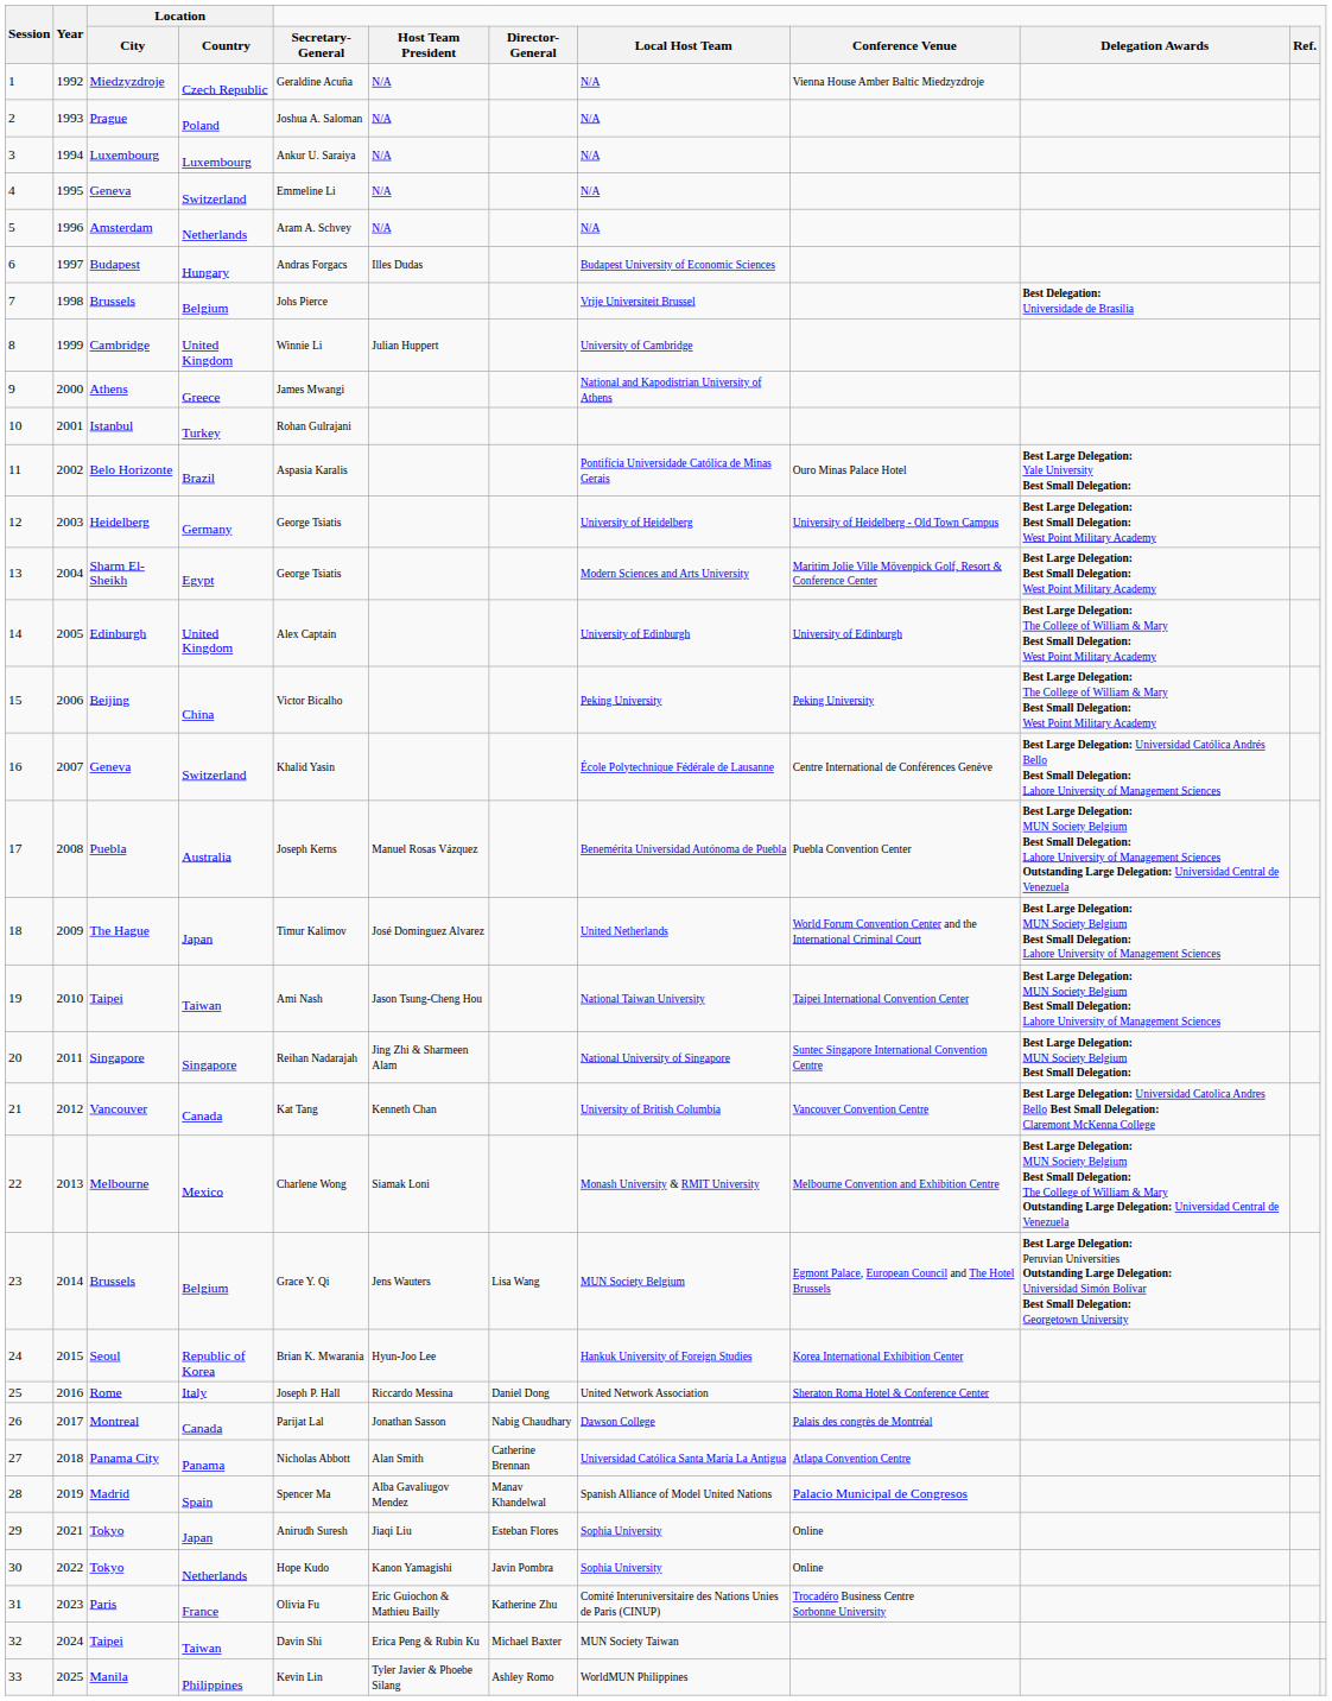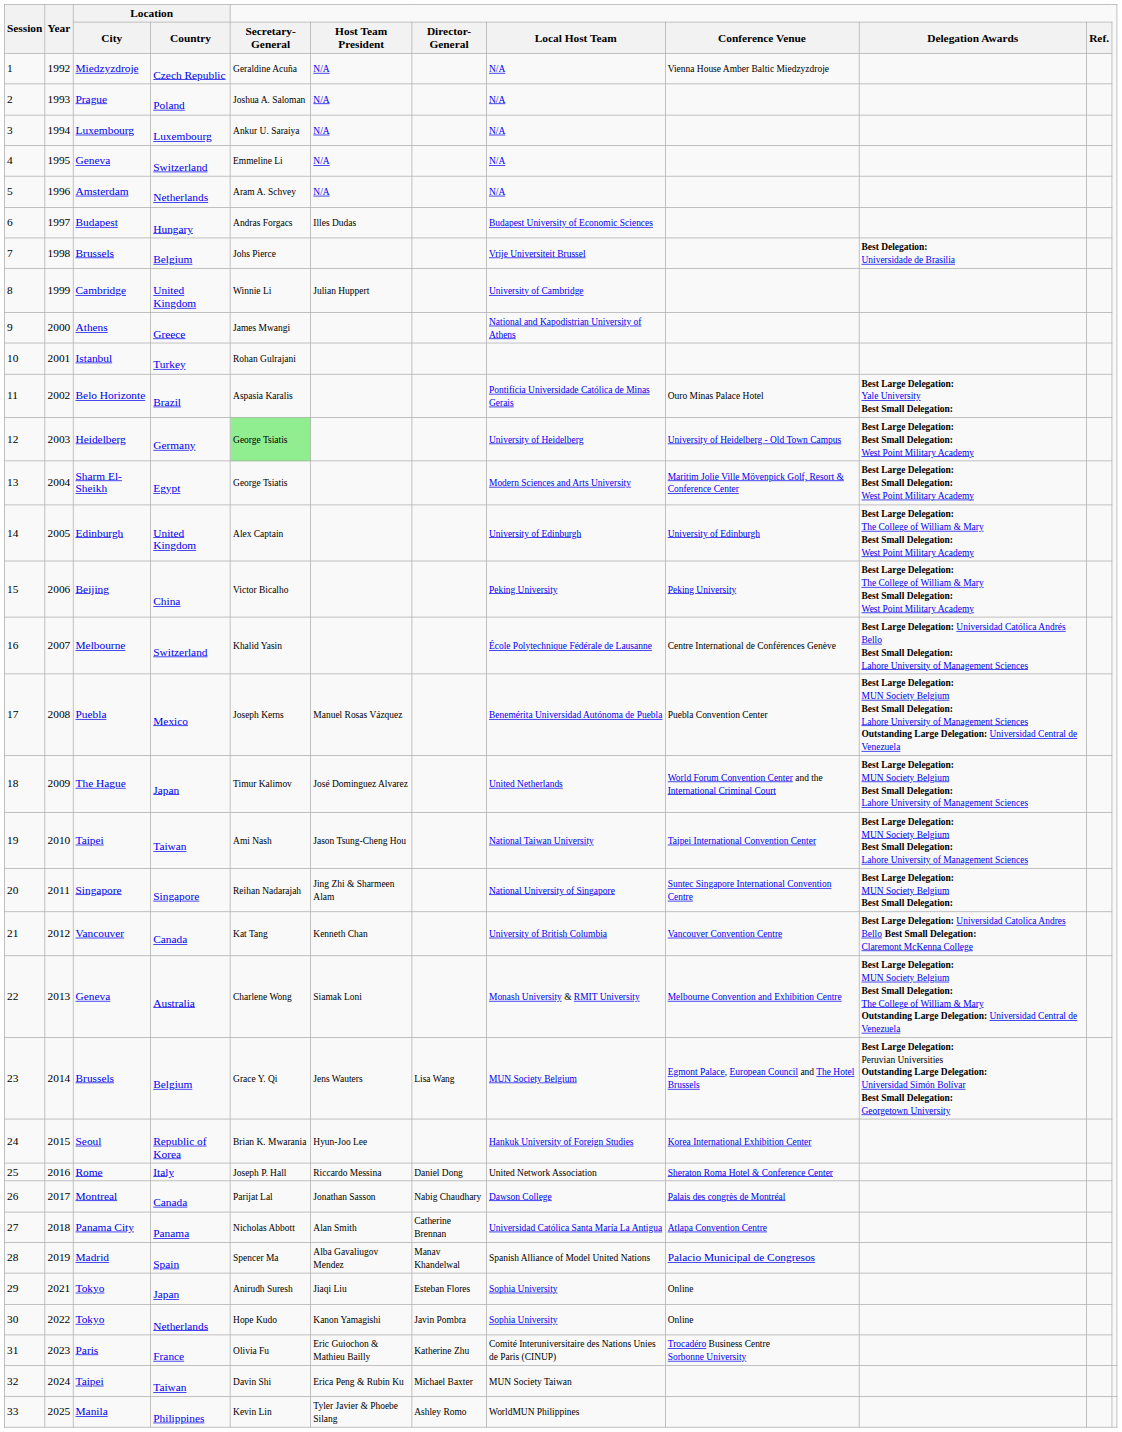 <table class="wikitable">
 <tr>
 <th rowspan="2">Session</th>
 <th rowspan="2">Year</th>
 <th colspan="2">Location</th>
 </tr>
 <tr>
 <th>City</th>
 <th>Country</th>
 <th>Secretary-General</th>
 <th>Host Team President</th>
 <th>Director-General</th>
 <th>Local Host Team</th>
 <th>Conference Venue</th>
 <th>Delegation Awards</th>
 <th>Ref.</th>
 </tr>
 <tr>
 <td>1</td>
 <td>1992</td>
 <td><a href='#'>Miedzyzdroje</a></td>
 <td><br><a href='#'>Czech Republic</a></td>
 <td><small>Geraldine Acuña</small></td>
 <td><small><a href='#'>N/A</a></small></td>
 <td></td>
 <td><small><a href='#'>N/A</a></small></td>
 <td><small>Vienna House Amber Baltic Miedzyzdroje</small></td>
 <td></td>
 <td></td>
 </tr>
 <tr>
 <td>2</td>
 <td>1993</td>
 <td><a href='#'>Prague</a></td>
 <td><br><a href='#'>Poland</a></td>
 <td><small>Joshua A. Saloman</small></td>
 <td><small><a href='#'>N/A</a></small></td>
 <td></td>
 <td><small><a href='#'>N/A</a></small></td>
 <td></td>
 <td></td>
 <td></td>
 </tr>
 <tr>
 <td>3</td>
 <td>1994</td>
 <td><a href='#'>Luxembourg</a></td>
 <td><br><a href='#'>Luxembourg</a></td>
 <td><small>Ankur U. Saraiya</small></td>
 <td><small><a href='#'>N/A</a></small></td>
 <td></td>
 <td><small><a href='#'>N/A</a></small></td>
 <td></td>
 <td></td>
 <td></td>
 </tr>
 <tr>
 <td>4</td>
 <td>1995</td>
 <td><a href='#'>Geneva</a></td>
 <td><br><a href='#'>Switzerland</a></td>
 <td><small>Emmeline Li</small></td>
 <td><small><a href='#'>N/A</a></small></td>
 <td></td>
 <td><small><a href='#'>N/A</a></small></td>
 <td></td>
 <td></td>
 <td></td>
 </tr>
 <tr>
 <td>5</td>
 <td>1996</td>
 <td><a href='#'>Amsterdam</a></td>
 <td><br><a href='#'>Netherlands</a></td>
 <td><small>Aram A. Schvey</small></td>
 <td><small><a href='#'>N/A</a></small></td>
 <td></td>
 <td><small><a href='#'>N/A</a></small></td>
 <td></td>
 <td></td>
 <td></td>
 </tr>
 <tr>
 <td>6</td>
 <td>1997</td>
 <td><a href='#'>Budapest</a></td>
 <td><br><a href='#'>Hungary</a></td>
 <td><small>Andras Forgacs</small></td>
 <td><small>Illes Dudas</small></td>
 <td></td>
 <td><small><a href='#'>Budapest University of Economic Sciences</a></small></td>
 <td></td>
 <td></td>
 <td></td>
 </tr>
 <tr>
 <td>7</td>
 <td>1998</td>
 <td><a href='#'>Brussels</a></td>
 <td><br><a href='#'>Belgium</a></td>
 <td><small>Johs Pierce</small></td>
 <td></td>
 <td></td>
 <td><small><a href='#'>Vrije Universiteit Brussel</a></small></td>
 <td></td>
 <td><small><strong>Best Delegation:</strong> <br><a href='#'>Universidade de Brasilia</a> </small></td>
 <td></td>
 </tr>
 <tr>
 <td>8</td>
 <td>1999</td>
 <td><a href='#'>Cambridge</a></td>
 <td><br><a href='#'>United Kingdom</a></td>
 <td><small>Winnie Li</small></td>
 <td><small>Julian Huppert</small></td>
 <td></td>
 <td><small><a href='#'>University of Cambridge</a></small></td>
 <td></td>
 <td></td>
 <td></td>
 </tr>
 <tr>
 <td>9</td>
 <td>2000</td>
 <td><a href='#'>Athens</a></td>
 <td><br><a href='#'>Greece</a></td>
 <td><small>James Mwangi</small></td>
 <td></td>
 <td></td>
 <td><small><a href='#'>National and Kapodistrian University of Athens</a></small></td>
 <td></td>
 <td></td>
 <td></td>
 </tr>
 <tr>
 <td>10</td>
 <td>2001</td>
 <td><a href='#'>Istanbul</a></td>
 <td><br><a href='#'>Turkey</a></td>
 <td><small>Rohan Gulrajani</small></td>
 <td></td>
 <td></td>
 <td></td>
 <td></td>
 <td></td>
 <td></td>
 </tr>
 <tr>
 <td>11</td>
 <td>2002</td>
 <td><a href='#'>Belo Horizonte</a></td>
 <td><br><a href='#'>Brazil</a></td>
 <td><small>Aspasia Karalis</small></td>
 <td></td>
 <td></td>
 <td><small><a href='#'>Pontifícia Universidade Católica de Minas Gerais</a></small></td>
 <td><small>Ouro Minas Palace Hotel</small></td>
 <td><small><strong>Best Large Delegation:</strong> <br><a href='#'>Yale University</a> <br><strong>Best Small Delegation:</strong></small></td>
 <td></td>
 </tr>
 <tr>
 <td>12</td>
 <td>2003</td>
 <td><a href='#'>Heidelberg</a></td>
 <td><br><a href='#'>Germany</a></td>
-<td><small>George Tsiatis</small></td>
+<td style="background: lightgreen;"><small>George Tsiatis</small></td>
 <td></td>
 <td></td>
 <td><small><a href='#'>University of Heidelberg</a></small></td>
 <td><small><a href='#'>University of Heidelberg - Old Town Campus</a></small></td>
 <td><small><strong>Best Large Delegation:</strong>  <br> <strong>Best Small Delegation:</strong> <br><a href='#'>West Point Military Academy</a></small></td>
 <td></td>
 </tr>
 <tr>
 <td>13</td>
 <td>2004</td>
 <td><a href='#'>Sharm El-Sheikh</a></td>
 <td><br><a href='#'>Egypt</a></td>
 <td><small>George Tsiatis</small></td>
 <td></td>
 <td></td>
 <td><small><a href='#'>Modern Sciences and Arts University</a></small></td>
 <td><small><a href='#'>Maritim Jolie Ville Mövenpick Golf, Resort & Conference Center</a></small></td>
 <td><small><strong>Best Large Delegation:</strong>  <br> <strong>Best Small Delegation:</strong> <br><a href='#'>West Point Military Academy</a></small></td>
 <td></td>
 </tr>
 <tr>
 <td>14</td>
 <td>2005</td>
 <td><a href='#'>Edinburgh</a></td>
 <td><br><a href='#'>United Kingdom</a></td>
 <td><small>Alex Captain</small></td>
 <td></td>
 <td></td>
 <td><small><a href='#'>University of Edinburgh</a></small></td>
 <td><small><a href='#'>University of Edinburgh</a></small></td>
 <td><small><strong>Best Large Delegation:</strong> <br><a href='#'>The College of William & Mary</a> <br><strong>Best Small Delegation:</strong> <br><a href='#'>West Point Military Academy</a></small></td>
 <td></td>
 </tr>
 <tr>
 <td>15</td>
 <td>2006</td>
 <td><a href='#'>Beijing</a></td>
 <td><br><br><a href='#'>China</a></td>
 <td><small>Victor Bicalho</small></td>
 <td></td>
 <td></td>
 <td><small><a href='#'>Peking University</a></small></td>
 <td><small><a href='#'>Peking University</a></small></td>
 <td><small><strong>Best Large Delegation:</strong> <br><a href='#'>The College of William & Mary</a> <br><strong>Best Small Delegation:</strong> <br><a href='#'>West Point Military Academy</a></small></td>
 <td></td>
 </tr>
 <tr>
 <td>16</td>
 <td>2007</td>
-<td><a href='#'>Geneva</a></td>
+<td><a href='#'>Melbourne</a></td>
 <td><br><a href='#'>Switzerland</a></td>
 <td><small>Khalid Yasin</small></td>
 <td></td>
 <td></td>
 <td><small><a href='#'>École Polytechnique Fédérale de Lausanne</a></small></td>
 <td><small>Centre International de Conférences Genève</small></td>
 <td><small><strong>Best Large Delegation:</strong> <a href='#'>Universidad Católica Andrés Bello</a> <br> <strong>Best Small Delegation:</strong> <br><a href='#'>Lahore University of Management Sciences</a></small></td>
 <td></td>
 </tr>
 <tr>
 <td>17</td>
 <td>2008</td>
 <td><a href='#'>Puebla</a></td>
-<td><br><a href='#'>Australia</a></td>
+<td><br><a href='#'>Mexico</a></td>
 <td><small>Joseph Kerns</small></td>
 <td><small>Manuel Rosas Vázquez</small></td>
 <td></td>
 <td><small><a href='#'>Benemérita Universidad Autónoma de Puebla</a></small></td>
 <td><small>Puebla Convention Center</small></td>
 <td><small><strong>Best Large Delegation:</strong> <br><a href='#'>MUN Society Belgium</a> <br> <strong>Best Small Delegation:</strong> <br><a href='#'>Lahore University of Management Sciences</a><br><strong>Outstanding Large Delegation:</strong> <a href='#'>Universidad Central de Venezuela</a></small></td>
 <td></td>
 </tr>
 <tr>
 <td>18</td>
 <td>2009</td>
 <td><a href='#'>The Hague</a></td>
 <td><br><a href='#'>Japan</a></td>
 <td><small>Timur Kalimov</small></td>
 <td><small>José Dominguez Alvarez</small></td>
 <td></td>
 <td><small><a href='#'>United Netherlands</a></small></td>
 <td><small><a href='#'>World Forum Convention Center</a> and the <a href='#'>International Criminal Court</a></small></td>
 <td><small><strong>Best Large Delegation:</strong> <br><a href='#'>MUN Society Belgium</a>  <br> <strong>Best Small Delegation:</strong> <br><a href='#'>Lahore University of Management Sciences</a></small></td>
 <td></td>
 </tr>
 <tr>
 <td>19</td>
 <td>2010</td>
 <td><a href='#'>Taipei</a></td>
 <td><br><a href='#'>Taiwan</a></td>
 <td><small>Ami Nash</small></td>
 <td><small>Jason Tsung-Cheng Hou</small></td>
 <td></td>
 <td><small><a href='#'>National Taiwan University</a></small></td>
 <td><small><a href='#'>Taipei International Convention Center</a></small></td>
 <td><small><strong>Best Large Delegation:</strong> <br><a href='#'>MUN Society Belgium</a> <br><strong>Best Small Delegation: </strong> <br><a href='#'>Lahore University of Management Sciences</a></small></td>
 <td></td>
 </tr>
 <tr>
 <td>20</td>
 <td>2011</td>
 <td><a href='#'>Singapore</a></td>
 <td><br><a href='#'>Singapore</a></td>
 <td><small>Reihan Nadarajah</small></td>
 <td><small>Jing Zhi & Sharmeen Alam</small></td>
 <td></td>
 <td><small><a href='#'>National University of Singapore</a></small></td>
 <td><small><a href='#'>Suntec Singapore International Convention Centre</a></small></td>
 <td><small><strong>Best Large Delegation:</strong> <br><a href='#'>MUN Society Belgium</a>  <br><strong>Best Small Delegation:</strong></small></td>
 <td></td>
 </tr>
 <tr>
 <td>21</td>
 <td>2012</td>
 <td><a href='#'>Vancouver</a></td>
 <td><br><a href='#'>Canada</a></td>
 <td><small>Kat Tang</small></td>
 <td><small>Kenneth Chan</small></td>
 <td></td>
 <td><small><a href='#'>University of British Columbia</a></small></td>
 <td><small><a href='#'>Vancouver Convention Centre</a></small></td>
 <td><small><strong>Best Large Delegation:</strong> <a href='#'>Universidad Catolica Andres Bello</a></small> <small><strong>Best Small Delegation:</strong> <br><a href='#'>Claremont McKenna College</a></small></td>
 <td></td>
 </tr>
 <tr>
 <td>22</td>
 <td>2013</td>
-<td><a href='#'>Melbourne</a></td>
-<td><br><a href='#'>Mexico</a></td>
+<td><a href='#'>Geneva</a></td>
+<td><br><a href='#'>Australia</a></td>
 <td><small>Charlene Wong</small></td>
 <td><small>Siamak Loni</small></td>
 <td></td>
 <td><small><a href='#'>Monash University</a> & <a href='#'>RMIT University</a></small></td>
 <td><small><a href='#'>Melbourne Convention and Exhibition Centre</a></small></td>
 <td><small><strong>Best Large Delegation:</strong> <br><a href='#'>MUN Society Belgium</a> <br><strong>Best Small Delegation:</strong> <br><a href='#'>The College of William & Mary</a>  <br><strong>Outstanding Large Delegation:</strong> <a href='#'>Universidad Central de Venezuela</a></small></td>
 <td></td>
 </tr>
 <tr>
 <td>23</td>
 <td>2014</td>
 <td><a href='#'>Brussels</a></td>
 <td><br><a href='#'>Belgium</a></td>
 <td><small>Grace Y. Qi</small></td>
 <td><small>Jens Wauters</small></td>
 <td><small>Lisa Wang</small></td>
 <td><small><a href='#'>MUN Society Belgium</a></small></td>
 <td><small><a href='#'>Egmont Palace</a>, <a href='#'>European Council</a> and <a href='#'>The Hotel Brussels</a></small></td>
 <td><small><strong>Best Large Delegation:</strong> <br>Peruvian Universities</small><br><small><strong>Outstanding Large Delegation:</strong> <br><a href='#'>Universidad Simón Bolívar</a></small><br><small><strong>Best Small Delegation:</strong> <br><a href='#'>Georgetown University</a></small></td>
 <td></td>
 </tr>
 <tr>
 <td>24</td>
 <td>2015</td>
 <td><a href='#'>Seoul</a></td>
 <td><br><a href='#'>Republic of Korea</a></td>
 <td><small>Brian K. Mwarania</small></td>
 <td><small>Hyun-Joo Lee</small></td>
 <td></td>
 <td><small><a href='#'>Hankuk University of Foreign Studies</a></small></td>
 <td><small><a href='#'>Korea International Exhibition Center</a></small></td>
 <td></td>
 <td></td>
 </tr>
 <tr>
 <td>25</td>
 <td>2016</td>
 <td><a href='#'>Rome</a></td>
 <td><a href='#'>Italy</a></td>
 <td><small>Joseph P. Hall</small></td>
 <td><small>Riccardo Messina</small></td>
 <td><small>Daniel Dong</small></td>
 <td><small>United Network Association</small></td>
 <td><small><a href='#'>Sheraton Roma Hotel & Conference Center</a></small></td>
 <td></td>
 <td></td>
 </tr>
 <tr>
 <td>26</td>
 <td>2017</td>
 <td><a href='#'>Montreal</a></td>
 <td><br><a href='#'>Canada</a></td>
 <td><small>Parijat Lal</small></td>
 <td><small>Jonathan Sasson</small></td>
 <td><small>Nabig Chaudhary</small></td>
 <td><small><a href='#'>Dawson College</a></small></td>
 <td><small><a href='#'>Palais des congrès de Montréal</a></small></td>
 <td></td>
 <td></td>
 </tr>
 <tr>
 <td>27</td>
 <td>2018</td>
 <td><a href='#'>Panama City</a></td>
 <td><br><a href='#'>Panama</a></td>
 <td><small>Nicholas Abbott</small></td>
 <td><small>Alan Smith</small></td>
 <td><small>Catherine Brennan</small></td>
 <td><small><a href='#'>Universidad Católica Santa María La Antigua</a></small></td>
 <td><small><a href='#'>Atlapa Convention Centre</a></small></td>
 <td><br></td>
 <td></td>
 </tr>
 <tr>
 <td>28</td>
 <td>2019</td>
 <td><a href='#'>Madrid</a></td>
 <td><br><a href='#'>Spain</a></td>
 <td><small>Spencer Ma</small></td>
 <td><small>Alba Gavaliugov Mendez</small></td>
 <td><small>Manav Khandelwal</small></td>
 <td><small>Spanish Alliance of Model United Nations</small></td>
 <td><a href='#'>Palacio Municipal de Congresos</a></td>
 <td></td>
 <td></td>
 </tr>
 <tr>
 <td>29</td>
 <td>2021</td>
 <td><a href='#'>Tokyo</a></td>
 <td><br><a href='#'>Japan</a></td>
 <td><small>Anirudh Suresh</small></td>
 <td><small>Jiaqi Liu</small></td>
 <td><small>Esteban Flores</small></td>
 <td><small><a href='#'>Sophia University</a></small></td>
 <td><small>Online</small></td>
 <td></td>
 <td></td>
 </tr>
 <tr>
 <td>30</td>
 <td>2022</td>
 <td><a href='#'>Tokyo</a></td>
 <td><br><a href='#'>Netherlands</a></td>
 <td><small>Hope Kudo</small></td>
 <td><small>Kanon Yamagishi</small></td>
 <td><small>Javin Pombra</small></td>
 <td><small><a href='#'>Sophia University</a></small></td>
 <td><small>Online</small></td>
 <td></td>
 <td></td>
 </tr>
 <tr>
 <td>31</td>
 <td>2023</td>
 <td><a href='#'>Paris</a></td>
 <td><br><a href='#'>France</a></td>
 <td><small>Olivia Fu</small></td>
 <td><small>Eric Guiochon & Mathieu Bailly</small></td>
 <td><small>Katherine Zhu</small></td>
 <td><small>Comité Interuniversitaire des Nations Unies de Paris (CINUP)</small></td>
 <td><small><a href='#'>Trocadéro</a> Business Centre<br><a href='#'>Sorbonne University</a></small></td>
 <td><br></td>
 <td></td>
 </tr>
 <tr>
 <td>32</td>
 <td>2024</td>
 <td><a href='#'>Taipei</a></td>
 <td><br><a href='#'>Taiwan</a></td>
 <td><small>Davin Shi</small></td>
 <td><small>Erica Peng & Rubin Ku</small></td>
 <td><small>Michael Baxter</small></td>
 <td><small>MUN Society Taiwan</small></td>
 <td><small></small></td>
 <td></td>
 <td></td>
 <td></td>
 </tr>
 <tr>
 <td>33</td>
 <td>2025</td>
 <td><a href='#'>Manila</a></td>
 <td><br><a href='#'>Philippines</a></td>
 <td><small>Kevin Lin</small></td>
 <td><small>Tyler Javier & Phoebe Silang</small></td>
 <td><small>Ashley Romo</small></td>
 <td><small>WorldMUN Philippines</small></td>
 <td><small></small></td>
 <td></td>
 <td></td>
 </tr>
 </table>
